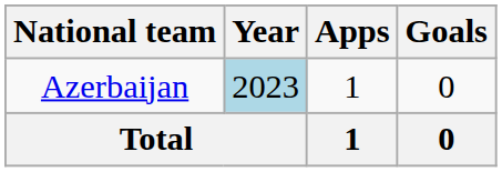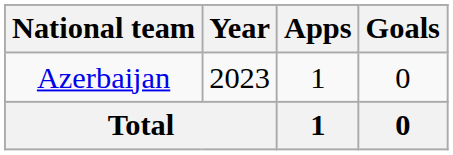 <table class="wikitable" style="text-align: center;">
 <tr>
 <th>National team</th>
 <th>Year</th>
 <th>Apps</th>
 <th>Goals</th>
 </tr>
 <tr>
 <td><a href='#'>Azerbaijan</a></td>
-<td style="background: lightblue;">2023</td>
+<td>2023</td>
 <td>1</td>
 <td>0</td>
 </tr>
 <tr>
 <th colspan="2">Total</th>
 <th>1</th>
 <th>0</th>
 </tr>
 </table>
